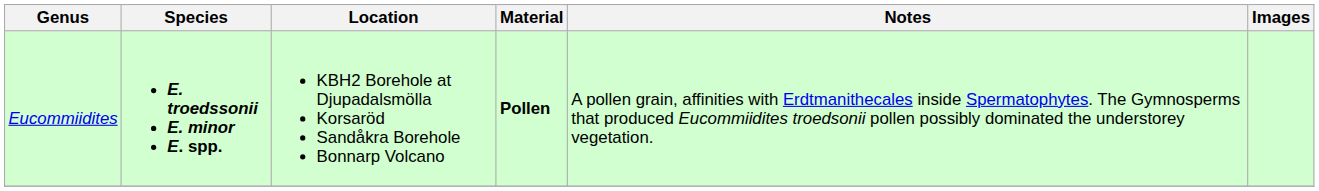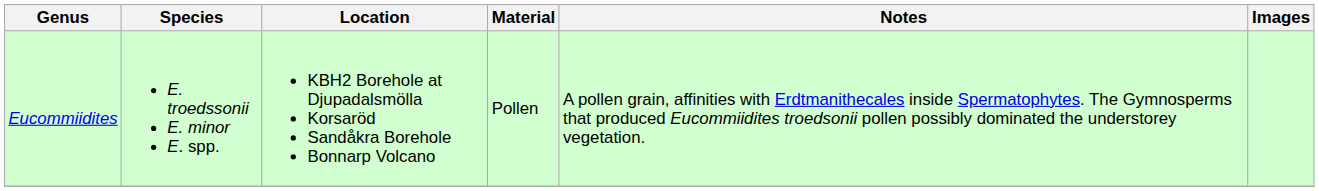 <table class="wikitable sortable">
 <tr>
 <th>Genus</th>
 <th>Species</th>
 <th>Location</th>
 <th>Material</th>
 <th>Notes</th>
 <th>Images</th>
 </tr>
 <tr>
 <td style="background:#D1FFCF;"><br><em><a href='#'>Eucommiidites</a></em></td>
-<td style="background:#D1FFCF;"><strong><br><ul><li><em>E. troedssonii</em></li><li><em>E. minor</em></li><li><em>E</em>. spp.</li></ul></strong></td>
+<td style="background:#D1FFCF;"><br><ul><li><em>E. troedssonii</em></li><li><em>E. minor</em></li><li><em>E</em>. spp.</li></ul></td>
 <td style="background:#D1FFCF;"><br><ul><li>KBH2 Borehole at Djupadalsmölla</li><li>Korsaröd</li><li>Sandåkra Borehole</li><li>Bonnarp Volcano</li></ul></td>
-<td style="background:#D1FFCF;"><strong>Pollen</strong></td>
+<td style="background:#D1FFCF;">Pollen</td>
 <td style="background:#D1FFCF;"><br>A pollen grain, affinities with <a href='#'>Erdtmanithecales</a> inside <a href='#'>Spermatophytes</a>. The Gymnosperms that produced <em>Eucommiidites troedsonii</em> pollen possibly dominated the understorey vegetation.</td>
 <td style="background:#D1FFCF;"></td>
 </tr>
 <tr>
 </tr>
 </table>
